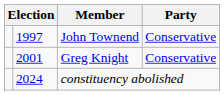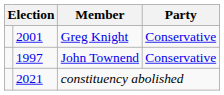 <table class=wikitable>
 <tr>
 <th colspan="2">Election</th>
 <th>Member</th>
 <th>Party</th>
 </tr>
 <tr>
 <td style="color:inherit;background-color: "></td>
+<td><a href='#'>2001</a></td>
+<td><a href='#'>Greg Knight</a></td>
+<td><a href='#'>Conservative</a></td>
+</tr>
+<tr>
+<td style="color:inherit;background-color: "></td>
 <td><a href='#'>1997</a></td>
 <td><a href='#'>John Townend</a></td>
 <td><a href='#'>Conservative</a></td>
 </tr>
 <tr>
-<td style="color:inherit;background-color: "></td>
-<td><a href='#'>2001</a></td>
-<td><a href='#'>Greg Knight</a></td>
-<td><a href='#'>Conservative</a></td>
-</tr>
-<tr>
 <td></td>
-<td><a href='#'>2024</a></td>
+<td><a href='#'>2021</a></td>
 <td colspan="2"><em>constituency abolished</em></td>
 </tr>
 </table>
